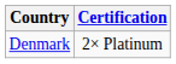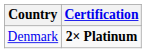 <table class="wikitable">
 <tr>
 <th>Country</th>
 <th><a href='#'>Certification</a></th>
 </tr>
 <tr>
 <td><a href='#'>Denmark</a></td>
-<td style="text-align:center;">2× Platinum</td>
+<td style="text-align:center;"><strong>2× Platinum</strong></td>
 </tr>
 </table>
